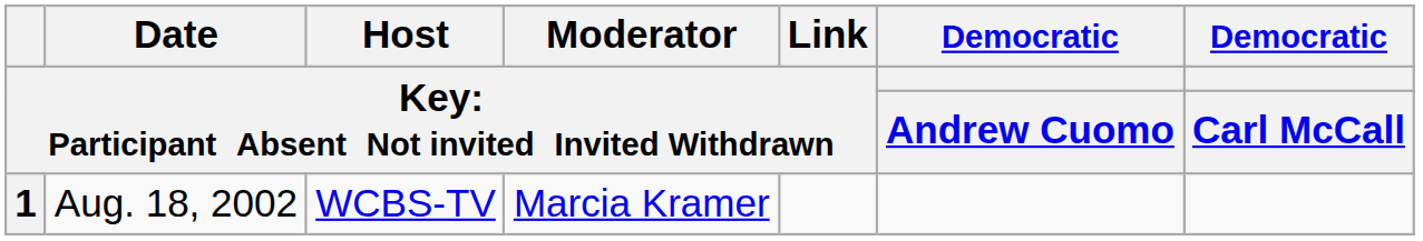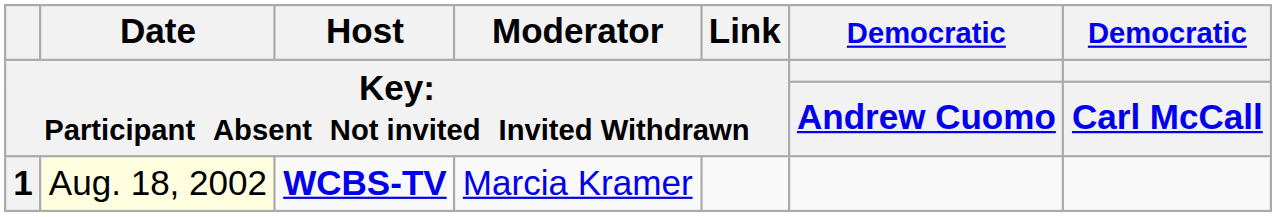 <table class="wikitable" style="text-align:center;">
 <tr>
 <th scope="col"></th>
 <th scope="col">Date</th>
 <th scope="col">Host</th>
 <th scope="col">Moderator</th>
 <th scope="col">Link</th>
 <th scope="col"><small><a href='#'>Democratic</a></small></th>
 <th scope="col"><small><a href='#'>Democratic</a></small></th>
 </tr>
 <tr>
 <th colspan="5" rowspan="2">Key:<br> <small>Participant </small>  <small>Absent </small>  <small>Not invited </small>  <small>Invited  Withdrawn</small></th>
 <th scope="col" style="background:"></th>
 <th scope="col" style="background:"></th>
 </tr>
 <tr>
 <th scope="col"><a href='#'>Andrew Cuomo</a></th>
 <th scope="col"><a href='#'>Carl McCall</a></th>
 </tr>
 <tr>
 <th>1</th>
-<td style="white-space:nowrap;">Aug. 18, 2002</td>
-<td style="white-space:nowrap;"><a href='#'>WCBS-TV</a></td>
+<td style="background: lightyellow; white-space:nowrap;">Aug. 18, 2002</td>
+<td style="white-space:nowrap;"><strong><a href='#'>WCBS-TV</a></strong></td>
 <td style="white-space:nowrap;"><a href='#'>Marcia Kramer</a></td>
 <td style="white-space:nowrap;"></td>
 <td></td>
 <td></td>
 </tr>
 </table>
